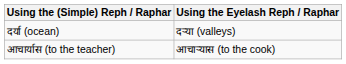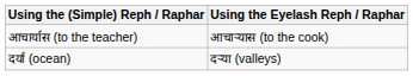 <table class="wikitable">
 <tr>
 <th>Using the (Simple) Reph / Raphar</th>
 <th>Using the Eyelash Reph / Raphar</th>
 </tr>
 <tr>
+<td>आचार्यास (to the teacher)</td>
+<td>आचार्‍यास (to the cook)</td>
+</tr>
+<tr>
 <td>दर्या (ocean)</td>
 <td>दर्‍या (valleys)</td>
 </tr>
-<tr>
-<td>आचार्यास (to the teacher)</td>
-<td>आचार्‍यास (to the cook)</td>
-</tr>
 </table>
